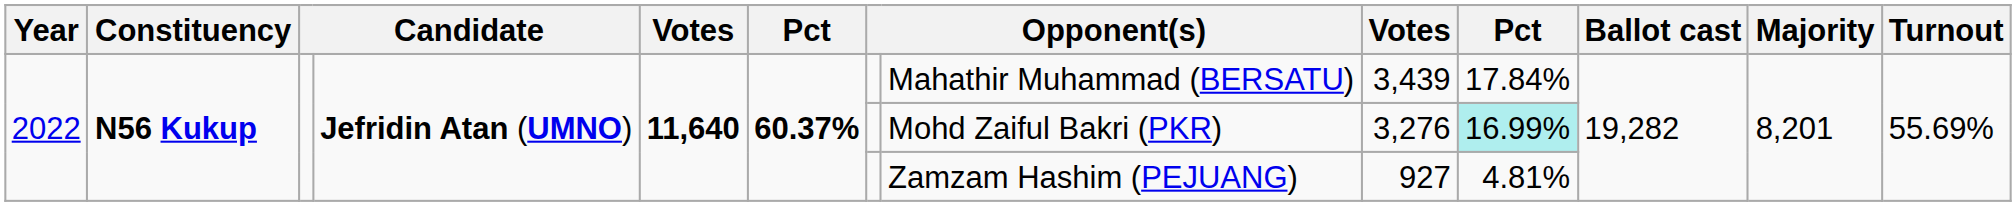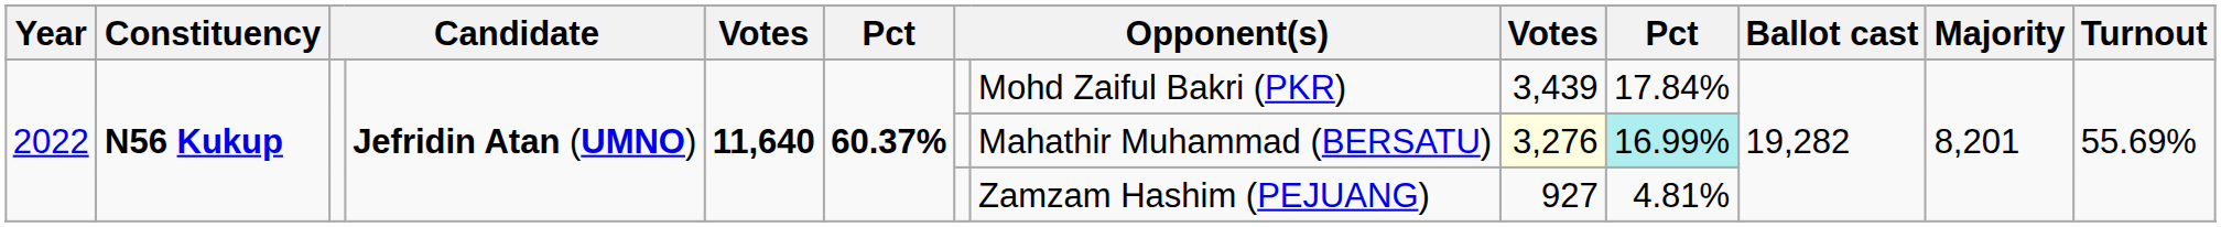 <table class="wikitable" style="margin:0.5em ; font-size:95%">
 <tr>
 <th>Year</th>
 <th>Constituency</th>
 <th colspan="2">Candidate</th>
 <th>Votes</th>
 <th>Pct</th>
 <th colspan="2">Opponent(s)</th>
 <th>Votes</th>
 <th>Pct</th>
 <th>Ballot cast</th>
 <th>Majority</th>
 <th>Turnout</th>
 </tr>
 <tr>
 <td rowspan="3"><a href='#'>2022</a></td>
 <td rowspan="3"><strong>N56 <a href='#'>Kukup</a></strong></td>
 <td rowspan="3" ></td>
 <td rowspan="3"><strong>Jefridin Atan</strong> (<a href='#'><strong>UMNO</strong></a>)</td>
 <td rowspan="3" align=right><strong>11,640</strong></td>
 <td rowspan="3"><strong>60.37%</strong></td>
 <td></td>
-<td>Mahathir Muhammad (<a href='#'>BERSATU</a>)</td>
+<td>Mohd Zaiful Bakri (<a href='#'>PKR</a>)</td>
 <td align=right>3,439</td>
 <td>17.84%</td>
 <td rowspan="3">19,282</td>
 <td rowspan="3">8,201</td>
 <td rowspan="3">55.69%</td>
 </tr>
 <tr>
 <td></td>
-<td>Mohd Zaiful Bakri (<a href='#'>PKR</a>)</td>
-<td align=right>3,276</td>
+<td>Mahathir Muhammad (<a href='#'>BERSATU</a>)</td>
+<td align=right style="background: lightyellow;">3,276</td>
 <td style="background: paleturquoise;">16.99%</td>
 </tr>
 <tr>
 <td></td>
 <td>Zamzam Hashim (<a href='#'>PEJUANG</a>)</td>
 <td align=right>927</td>
 <td align=right>4.81%</td>
 </tr>
 </table>
